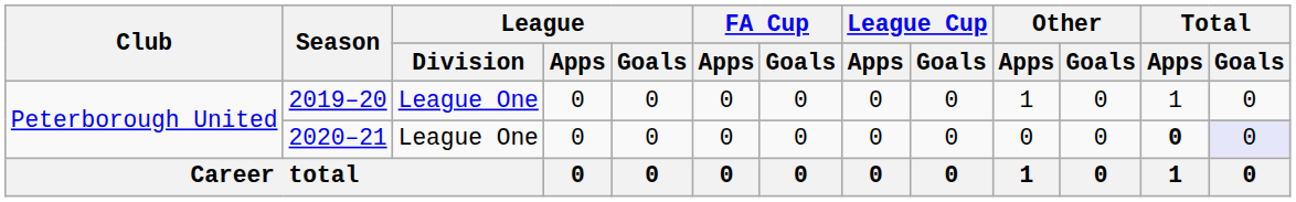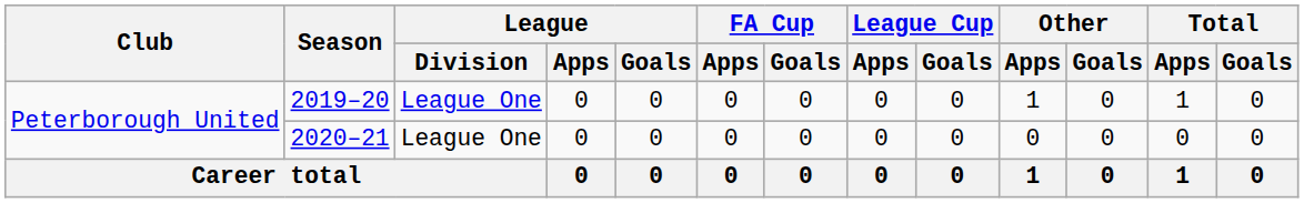 <table class="wikitable" style="text-align: center">
 <tr>
 <th rowspan="2">Club</th>
 <th rowspan="2">Season</th>
 <th colspan="3">League</th>
 <th colspan="2"><a href='#'>FA Cup</a></th>
 <th colspan="2"><a href='#'>League Cup</a></th>
 <th colspan="2">Other</th>
 <th colspan="2">Total</th>
 </tr>
 <tr>
 <th>Division</th>
 <th>Apps</th>
 <th>Goals</th>
 <th>Apps</th>
 <th>Goals</th>
 <th>Apps</th>
 <th>Goals</th>
 <th>Apps</th>
 <th>Goals</th>
 <th>Apps</th>
 <th>Goals</th>
 </tr>
 <tr>
 <td rowspan="2"><a href='#'>Peterborough United</a></td>
 <td><a href='#'>2019–20</a></td>
 <td><a href='#'>League One</a></td>
 <td>0</td>
 <td>0</td>
 <td>0</td>
 <td>0</td>
 <td>0</td>
 <td>0</td>
 <td>1</td>
 <td>0</td>
 <td>1</td>
 <td>0</td>
 </tr>
 <tr>
 <td><a href='#'>2020–21</a></td>
 <td>League One</td>
 <td>0</td>
 <td>0</td>
 <td>0</td>
 <td>0</td>
 <td>0</td>
 <td>0</td>
 <td>0</td>
 <td>0</td>
-<td><strong>0</strong></td>
-<td style="background: lavender;">0</td>
+<td>0</td>
+<td>0</td>
 </tr>
 <tr>
 <th colspan="3">Career total</th>
 <th>0</th>
 <th>0</th>
 <th>0</th>
 <th>0</th>
 <th>0</th>
 <th>0</th>
 <th>1</th>
 <th>0</th>
 <th>1</th>
 <th>0</th>
 </tr>
 </table>
